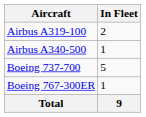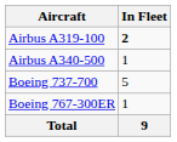 <table class="wikitable">
 <tr>
 <th>Aircraft</th>
 <th>In Fleet</th>
 </tr>
 <tr>
 <td><a href='#'>Airbus A319-100</a></td>
-<td>2</td>
+<td><strong>2</strong></td>
 </tr>
 <tr>
 <td><a href='#'>Airbus A340-500</a></td>
 <td>1</td>
 </tr>
 <tr>
 <td><a href='#'>Boeing 737-700</a></td>
 <td>5</td>
 </tr>
 <tr>
 <td><a href='#'>Boeing 767-300ER</a></td>
 <td>1</td>
 </tr>
 <tr>
 <th>Total</th>
 <th>9</th>
 </tr>
 </table>
